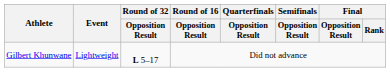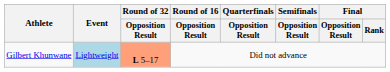 <table class="wikitable" style="font-size:90%">
 <tr>
 <th rowspan="2">Athlete</th>
 <th rowspan="2">Event</th>
 <th>Round of 32</th>
 <th>Round of 16</th>
 <th>Quarterfinals</th>
 <th>Semifinals</th>
 <th colspan=2>Final</th>
 </tr>
 <tr style="font-size:95%">
 <th>Opposition<br>Result</th>
 <th>Opposition<br>Result</th>
 <th>Opposition<br>Result</th>
 <th>Opposition<br>Result</th>
 <th>Opposition<br>Result</th>
 <th>Rank</th>
 </tr>
 <tr align=center>
 <td align=left><a href='#'>Gilbert Khunwane</a></td>
-<td align=left><a href='#'>Lightweight</a></td>
-<td><br><strong>L</strong> 5–17</td>
+<td align=left style="background: lightblue;"><a href='#'>Lightweight</a></td>
+<td style="background: lightsalmon;"><br><strong>L</strong> 5–17</td>
 <td colspan=5>Did not advance</td>
 </tr>
 </table>
